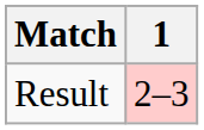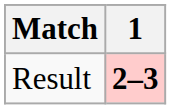 <table class="wikitable">
 <tr>
 <th>Match</th>
 <th>1</th>
 </tr>
 <tr>
 <td>Result</td>
-<td bgcolor="#FFCCCC">2–3</td>
+<td bgcolor="#FFCCCC"><strong>2–3</strong></td>
 </tr>
 </table>
